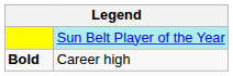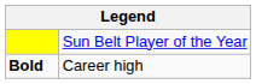 <table class="wikitable mw-collapsible">
 <tr>
 <th colspan="2">Legend</th>
 </tr>
 <tr>
 <td style="background:#ffff00; width:3em;"></td>
-<td style="background: paleturquoise;"><a href='#'>Sun Belt Player of the Year</a></td>
+<td><a href='#'>Sun Belt Player of the Year</a></td>
 </tr>
 <tr>
 <td><strong>Bold</strong></td>
 <td>Career high</td>
 </tr>
 </table>
